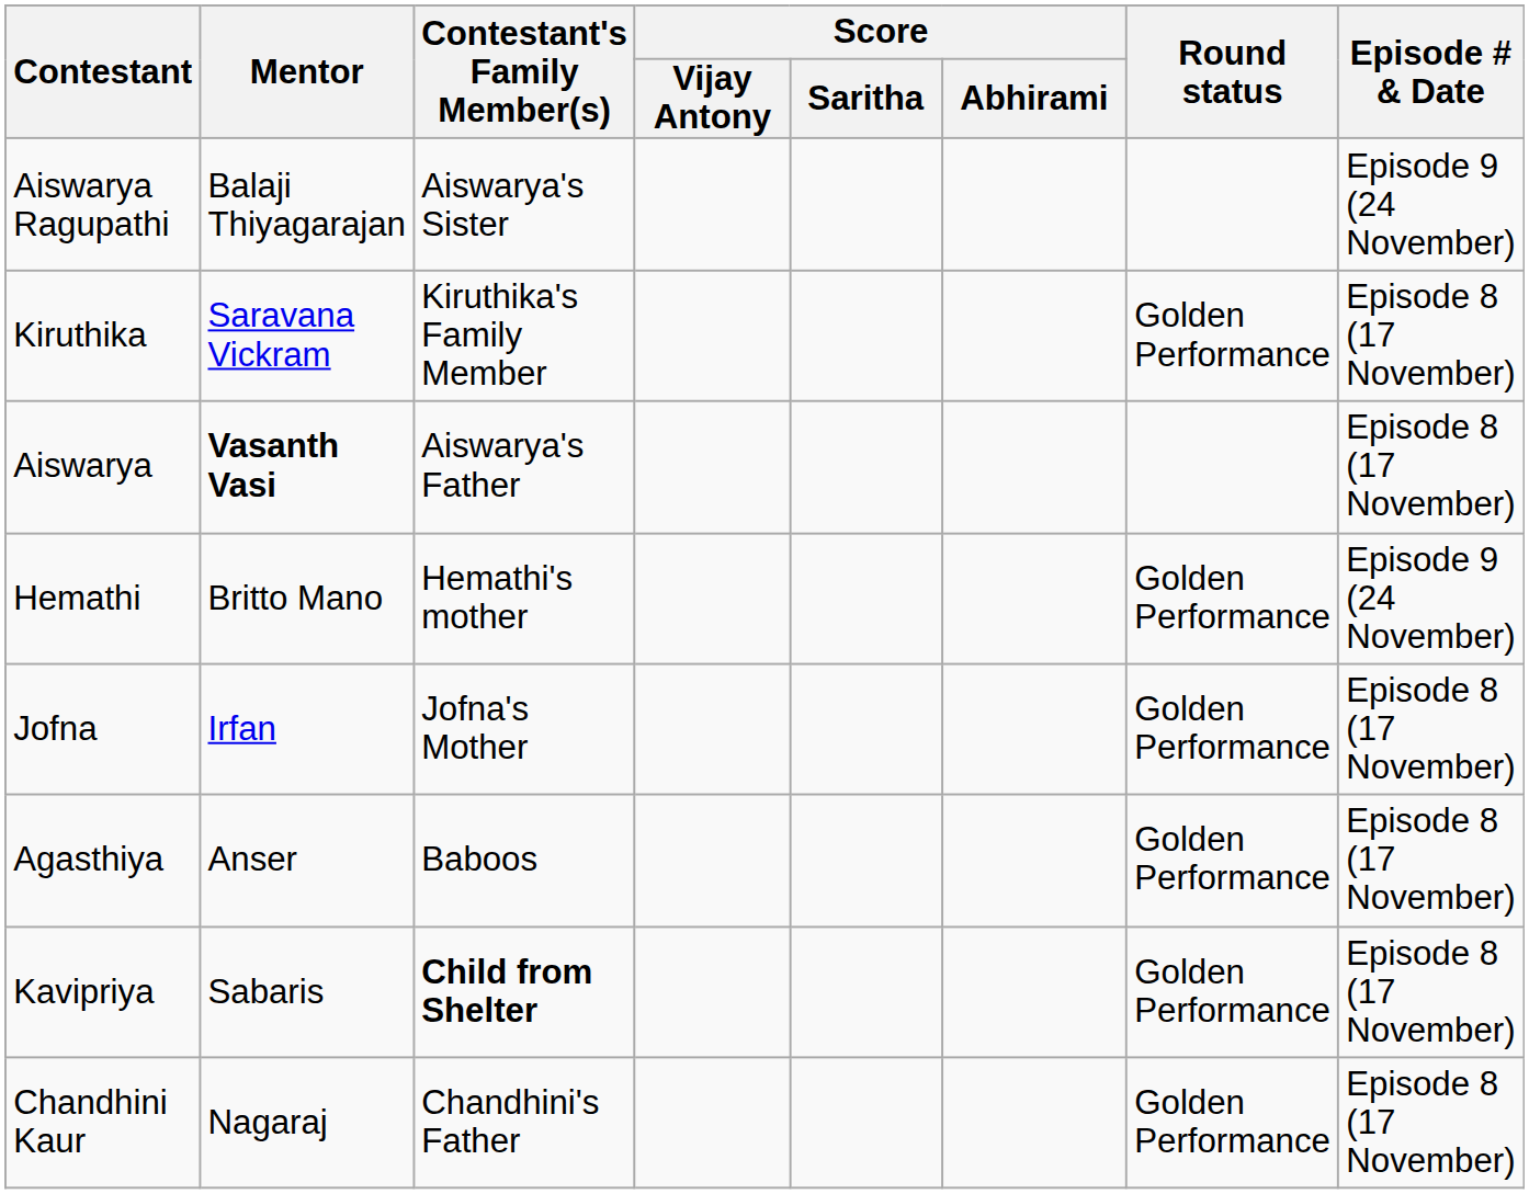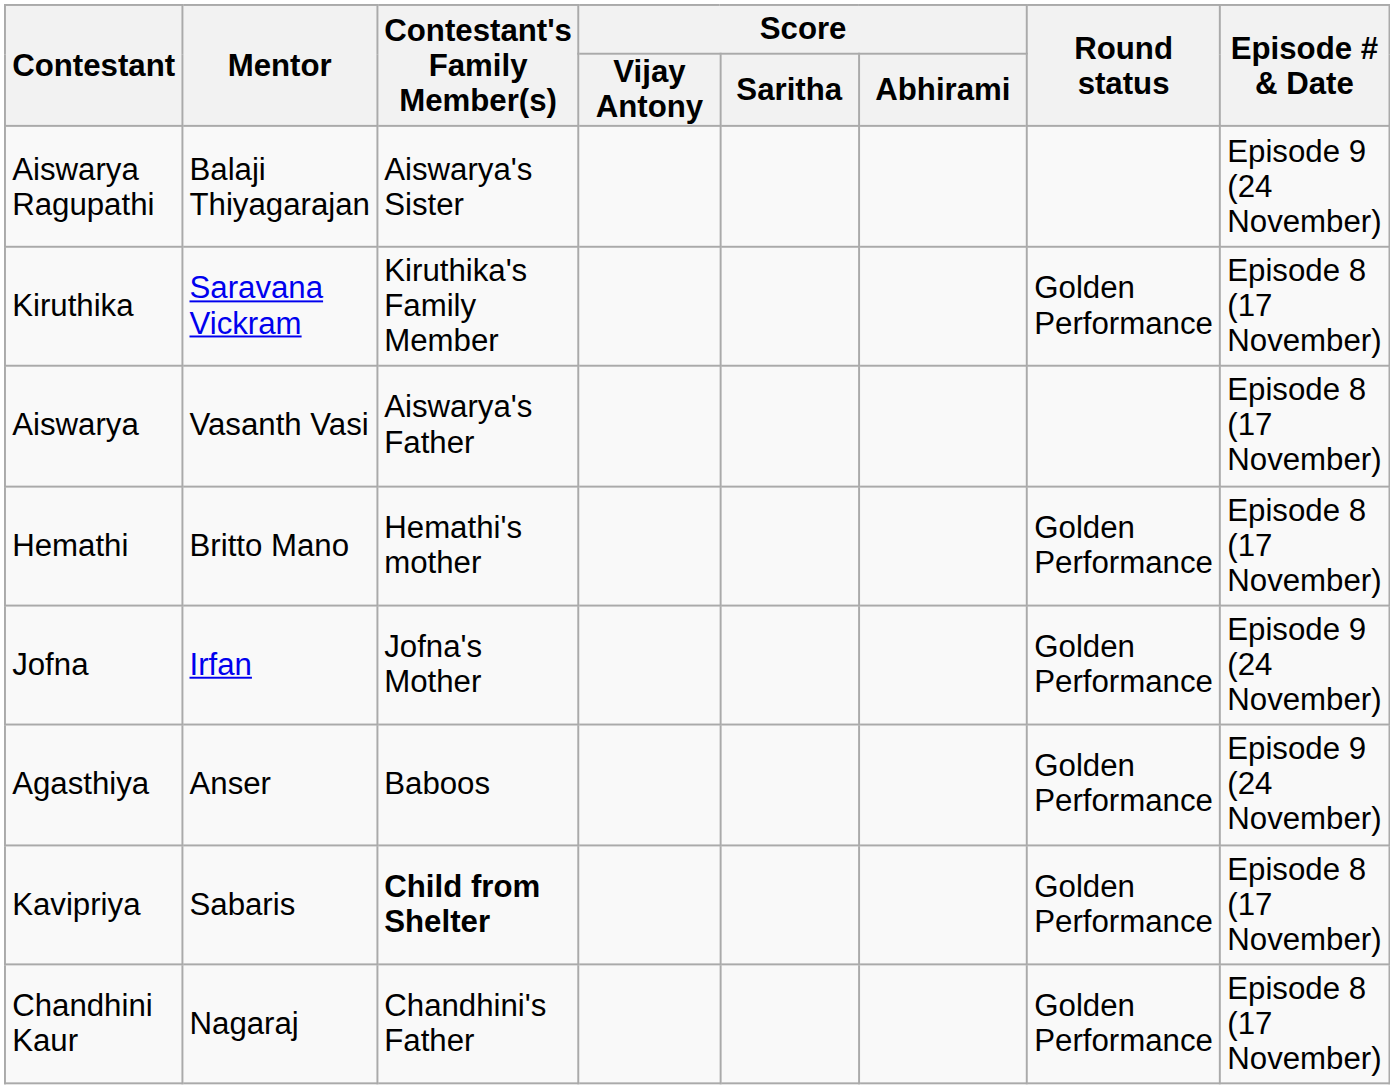 <table class="wikitable" style="align: center;" width="90%">
 <tr>
 <th rowspan="2">Contestant</th>
 <th rowspan="2">Mentor</th>
 <th rowspan="2">Contestant's Family Member(s)</th>
 <th colspan="3">Score</th>
 <th rowspan="2">Round status</th>
 <th rowspan="2">Episode # & Date</th>
 </tr>
 <tr>
 <th style="padding: 0 8px">Vijay Antony</th>
 <th style="padding: 0 8px">Saritha</th>
 <th style="padding: 0 8px">Abhirami</th>
 </tr>
 <tr>
 <td>Aiswarya Ragupathi</td>
 <td>Balaji Thiyagarajan</td>
 <td>Aiswarya's Sister</td>
 <td></td>
 <td></td>
 <td></td>
 <td></td>
 <td>Episode 9 (24 November)</td>
 </tr>
 <tr>
 <td>Kiruthika</td>
 <td><a href='#'>Saravana Vickram</a></td>
 <td>Kiruthika's Family Member</td>
 <td></td>
 <td></td>
 <td></td>
 <td>Golden Performance</td>
 <td>Episode 8 (17 November)</td>
 </tr>
 <tr>
 <td>Aiswarya</td>
-<td><strong>Vasanth Vasi</strong></td>
+<td>Vasanth Vasi</td>
 <td>Aiswarya's Father</td>
 <td></td>
 <td></td>
 <td></td>
 <td></td>
 <td>Episode 8 (17 November)</td>
 </tr>
 <tr>
 <td>Hemathi</td>
 <td>Britto Mano</td>
 <td>Hemathi's mother</td>
 <td></td>
 <td></td>
 <td></td>
 <td>Golden Performance</td>
-<td>Episode 9 (24 November)</td>
+<td>Episode 8 (17 November)</td>
 </tr>
 <tr>
 <td>Jofna</td>
 <td><a href='#'>Irfan</a></td>
 <td>Jofna's Mother</td>
 <td></td>
 <td></td>
 <td></td>
 <td>Golden Performance</td>
-<td>Episode 8 (17 November)</td>
+<td>Episode 9 (24 November)</td>
 </tr>
 <tr>
 <td>Agasthiya</td>
 <td>Anser</td>
 <td>Baboos</td>
 <td></td>
 <td></td>
 <td></td>
 <td>Golden Performance</td>
-<td>Episode 8 (17 November)</td>
+<td>Episode 9 (24 November)</td>
 </tr>
 <tr>
 <td>Kavipriya</td>
 <td>Sabaris</td>
 <td><strong>Child from Shelter</strong></td>
 <td></td>
 <td></td>
 <td></td>
 <td>Golden Performance</td>
 <td>Episode 8 (17 November)</td>
 </tr>
 <tr>
 <td>Chandhini Kaur</td>
 <td>Nagaraj</td>
 <td>Chandhini's Father</td>
 <td></td>
 <td></td>
 <td></td>
 <td>Golden Performance</td>
 <td>Episode 8 (17 November)</td>
 </tr>
 </table>
